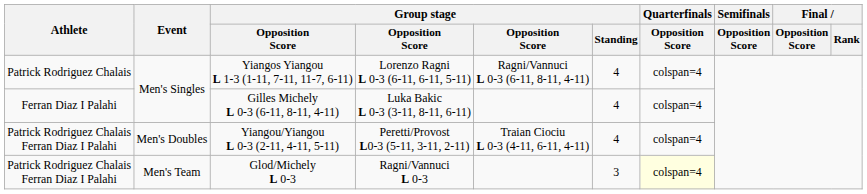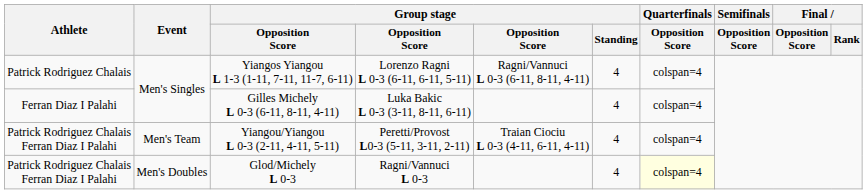 <table class=wikitable style="font-size:90%">
 <tr>
 <th rowspan=2>Athlete</th>
 <th rowspan=2>Event</th>
 <th colspan=4>Group stage</th>
 <th>Quarterfinals</th>
 <th>Semifinals</th>
 <th colspan=2>Final / </th>
 </tr>
 <tr style="font-size:95%">
 <th>Opposition<br>Score</th>
 <th>Opposition<br>Score</th>
 <th>Opposition<br>Score</th>
 <th>Standing</th>
 <th>Opposition<br>Score</th>
 <th>Opposition<br>Score</th>
 <th>Opposition<br>Score</th>
 <th>Rank</th>
 </tr>
 <tr align=center>
 <td>Patrick Rodriguez Chalais</td>
 <td rowspan=2>Men's Singles</td>
 <td>Yiangos Yiangou <br> <strong>L</strong> 1-3 (1-11, 7-11, 11-7, 6-11)</td>
 <td>Lorenzo Ragni <br> <strong>L</strong> 0-3 (6-11, 6-11, 5-11)</td>
 <td> Ragni/Vannuci <br> <strong>L</strong> 0-3 (6-11, 8-11, 4-11)</td>
 <td>4</td>
 <td>colspan=4 </td>
 </tr>
 <tr align=center>
 <td>Ferran Diaz I Palahi</td>
 <td>Gilles Michely <br> <strong>L</strong> 0-3 (6-11, 8-11, 4-11)</td>
 <td>Luka Bakic <br> <strong>L</strong> 0-3 (3-11, 8-11, 6-11)</td>
 <td></td>
 <td>4</td>
 <td>colspan=4 </td>
 </tr>
 <tr align=center>
 <td>Patrick Rodriguez Chalais<br>Ferran Diaz I Palahi</td>
-<td>Men's Doubles</td>
+<td>Men's Team</td>
 <td> Yiangou/Yiangou <br> <strong>L</strong> 0-3 (2-11, 4-11, 5-11)</td>
 <td> Peretti/Provost <br> <strong>L</strong>0-3 (5-11, 3-11, 2-11)</td>
 <td>Traian Ciociu <br> <strong>L</strong> 0-3 (4-11, 6-11, 4-11)</td>
 <td>4</td>
 <td>colspan=4 </td>
 </tr>
 <tr align=center>
 <td>Patrick Rodriguez Chalais<br>Ferran Diaz I Palahi</td>
-<td>Men's Team</td>
+<td>Men's Doubles</td>
 <td> Glod/Michely <br> <strong>L</strong> 0-3</td>
 <td> Ragni/Vannuci <br> <strong>L</strong> 0-3</td>
 <td></td>
-<td>3</td>
+<td>4</td>
 <td style="background: lightyellow;">colspan=4 </td>
 </tr>
 </table>
